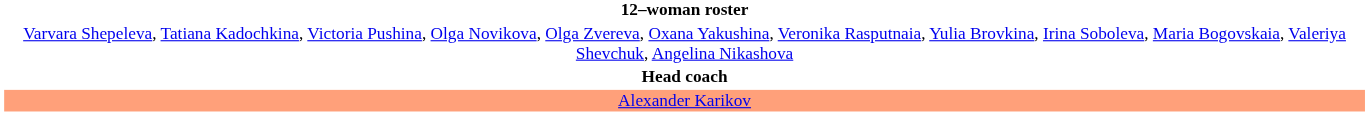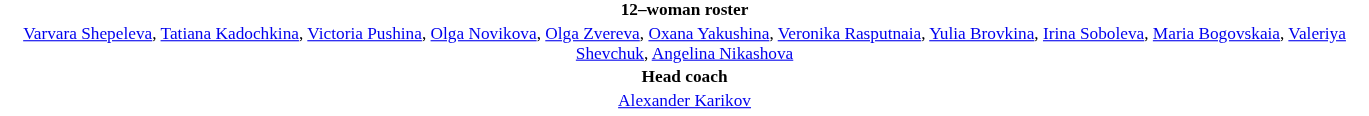 <table style="text-align: center; margin-top: 2em; margin-left: auto; margin-right: auto">
 <tr>
 <td><strong>12–woman roster</strong></td>
 </tr>
 <tr>
 <td><a href='#'>Varvara Shepeleva</a>, <a href='#'>Tatiana Kadochkina</a>, <a href='#'>Victoria Pushina</a>, <a href='#'>Olga Novikova</a>, <a href='#'>Olga Zvereva</a>, <a href='#'>Oxana Yakushina</a>, <a href='#'>Veronika Rasputnaia</a>, <a href='#'>Yulia Brovkina</a>, <a href='#'>Irina Soboleva</a>, <a href='#'>Maria Bogovskaia</a>, <a href='#'>Valeriya Shevchuk</a>, <a href='#'>Angelina Nikashova</a></td>
 </tr>
 <tr>
 <td><strong>Head coach</strong></td>
 </tr>
 <tr>
-<td style="background: lightsalmon;"><a href='#'>Alexander Karikov</a></td>
+<td><a href='#'>Alexander Karikov</a></td>
 </tr>
 </table>
